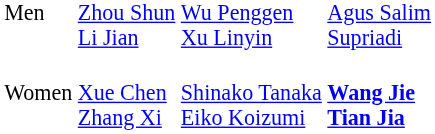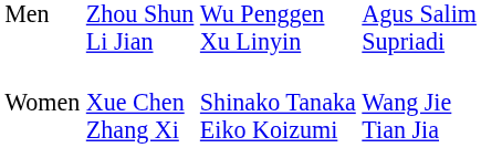 <table>
 <tr>
 <td>Men<br></td>
 <td><br><a href='#'>Zhou Shun</a><br><a href='#'>Li Jian</a></td>
 <td><br><a href='#'>Wu Penggen</a><br><a href='#'>Xu Linyin</a></td>
 <td><br><a href='#'>Agus Salim</a><br><a href='#'>Supriadi</a></td>
 </tr>
 <tr>
 <td>Women<br></td>
 <td><br><a href='#'>Xue Chen</a><br><a href='#'>Zhang Xi</a></td>
 <td><br><a href='#'>Shinako Tanaka</a><br><a href='#'>Eiko Koizumi</a></td>
-<td><strong><br><a href='#'>Wang Jie</a><br><a href='#'>Tian Jia</a></strong></td>
+<td><br><a href='#'>Wang Jie</a><br><a href='#'>Tian Jia</a></td>
 </tr>
 </table>
